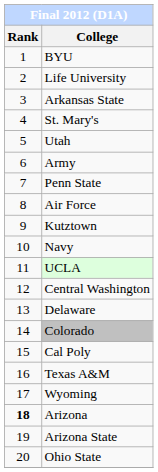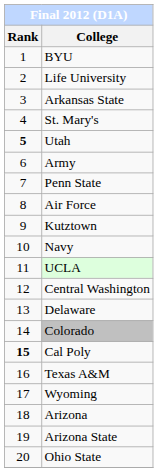 <table class="wikitable sortable collapsible collapsed">
 <tr>
 <th colspan=2 style="background:#BFD7FF;color:white">Final 2012 (D1A)</th>
 </tr>
 <tr>
 <th>Rank</th>
 <th>College</th>
 </tr>
 <tr>
 <td align="center ">1</td>
 <td>BYU</td>
 </tr>
 <tr>
 <td align="center ">2</td>
 <td>Life University</td>
 </tr>
 <tr>
 <td align="center ">3</td>
 <td>Arkansas State</td>
 </tr>
 <tr>
 <td align="center ">4</td>
 <td>St. Mary's</td>
 </tr>
 <tr>
-<td align="center ">5</td>
+<td align="center "><strong>5</strong></td>
 <td>Utah</td>
 </tr>
 <tr>
 <td align="center ">6</td>
 <td>Army</td>
 </tr>
 <tr>
 <td align="center ">7</td>
 <td>Penn State</td>
 </tr>
 <tr>
 <td align="center ">8</td>
 <td>Air Force</td>
 </tr>
 <tr>
 <td align="center ">9</td>
 <td>Kutztown</td>
 </tr>
 <tr>
 <td align="center ">10</td>
 <td>Navy</td>
 </tr>
 <tr>
 <td align="center ">11</td>
 <td style="background:#dfd;">UCLA</td>
 </tr>
 <tr>
 <td align="center ">12</td>
 <td>Central Washington</td>
 </tr>
 <tr>
 <td align="center ">13</td>
 <td>Delaware</td>
 </tr>
 <tr>
 <td align="center ">14</td>
 <td style="background:silver">Colorado</td>
 </tr>
 <tr>
-<td align="center ">15</td>
+<td align="center "><strong>15</strong></td>
 <td>Cal Poly</td>
 </tr>
 <tr>
 <td align="center ">16</td>
 <td>Texas A&M</td>
 </tr>
 <tr>
 <td align="center ">17</td>
 <td>Wyoming</td>
 </tr>
 <tr>
-<td align="center "><strong>18</strong></td>
+<td align="center ">18</td>
 <td>Arizona</td>
 </tr>
 <tr>
 <td align="center ">19</td>
 <td>Arizona State</td>
 </tr>
 <tr>
 <td align="center ">20</td>
 <td>Ohio State</td>
 </tr>
 <tr>
 </tr>
 </table>
